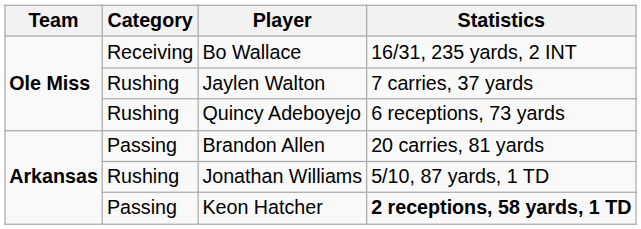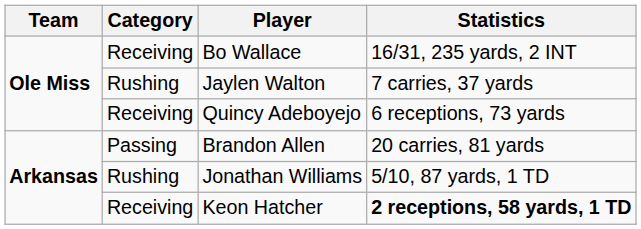 <table class="wikitable" style="float: right;">
 <tr>
 <th>Team</th>
 <th>Category</th>
 <th>Player</th>
 <th>Statistics</th>
 </tr>
 <tr>
 <td rowspan=3><strong>Ole Miss</strong></td>
 <td>Receiving</td>
 <td>Bo Wallace</td>
 <td>16/31, 235 yards, 2 INT</td>
 </tr>
 <tr>
 <td>Rushing</td>
 <td>Jaylen Walton</td>
 <td>7 carries, 37 yards</td>
 </tr>
 <tr>
-<td>Rushing</td>
+<td>Receiving</td>
 <td>Quincy Adeboyejo</td>
 <td>6 receptions, 73 yards</td>
 </tr>
 <tr>
 <td rowspan=3><strong>Arkansas</strong></td>
 <td>Passing</td>
 <td>Brandon Allen</td>
 <td>20 carries, 81 yards</td>
 </tr>
 <tr>
 <td>Rushing</td>
 <td>Jonathan Williams</td>
 <td>5/10, 87 yards, 1 TD</td>
 </tr>
 <tr>
-<td>Passing</td>
+<td>Receiving</td>
 <td>Keon Hatcher</td>
 <td><strong>2 receptions, 58 yards, 1 TD</strong></td>
 </tr>
 </table>
